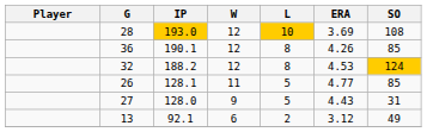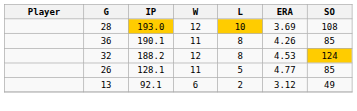 <table class="wikitable sortable">
 <tr>
 <th bgcolor="#DDDDFF" width="16%">Player</th>
 <th bgcolor="#DDDDFF" width="9%">G</th>
 <th bgcolor="#DDDDFF" width="9%">IP</th>
 <th bgcolor="#DDDDFF" width="9%">W</th>
 <th bgcolor="#DDDDFF" width="9%">L</th>
 <th bgcolor="#DDDDFF" width="9%">ERA</th>
 <th bgcolor="#DDDDFF" width="9%">SO</th>
 </tr>
 <tr align="center">
 <td></td>
 <td>28</td>
 <td style="background:#fc0;">193.0</td>
 <td>12</td>
 <td style="background:#fc0;">10</td>
 <td>3.69</td>
 <td>108</td>
 </tr>
 <tr align="center">
 <td></td>
 <td>36</td>
 <td>190.1</td>
-<td>12</td>
+<td>11</td>
 <td>8</td>
 <td>4.26</td>
 <td>85</td>
 </tr>
 <tr align="center">
 <td></td>
 <td>32</td>
 <td>188.2</td>
 <td>12</td>
 <td>8</td>
 <td>4.53</td>
 <td style="background:#fc0;">124</td>
 </tr>
 <tr align="center">
 <td></td>
 <td>26</td>
 <td>128.1</td>
 <td>11</td>
 <td>5</td>
 <td>4.77</td>
 <td>85</td>
 </tr>
 <tr align="center">
 <td></td>
-<td>27</td>
-<td>128.0</td>
-<td>9</td>
-<td>5</td>
-<td>4.43</td>
-<td>31</td>
-</tr>
-<tr align="center">
-<td></td>
 <td>13</td>
 <td>92.1</td>
 <td>6</td>
 <td>2</td>
 <td>3.12</td>
 <td>49</td>
 </tr>
 <tr align="center">
 </tr>
 </table>
